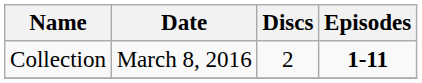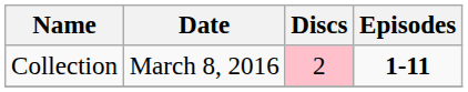 <table class="wikitable" style="text-align:center;">
 <tr>
 <th>Name</th>
 <th>Date</th>
 <th>Discs</th>
 <th>Episodes</th>
 </tr>
 <tr>
 <td>Collection</td>
 <td>March 8, 2016</td>
-<td>2</td>
+<td style="background: pink;">2</td>
 <td><strong>1-11</strong></td>
 </tr>
 <tr>
 </tr>
 </table>
